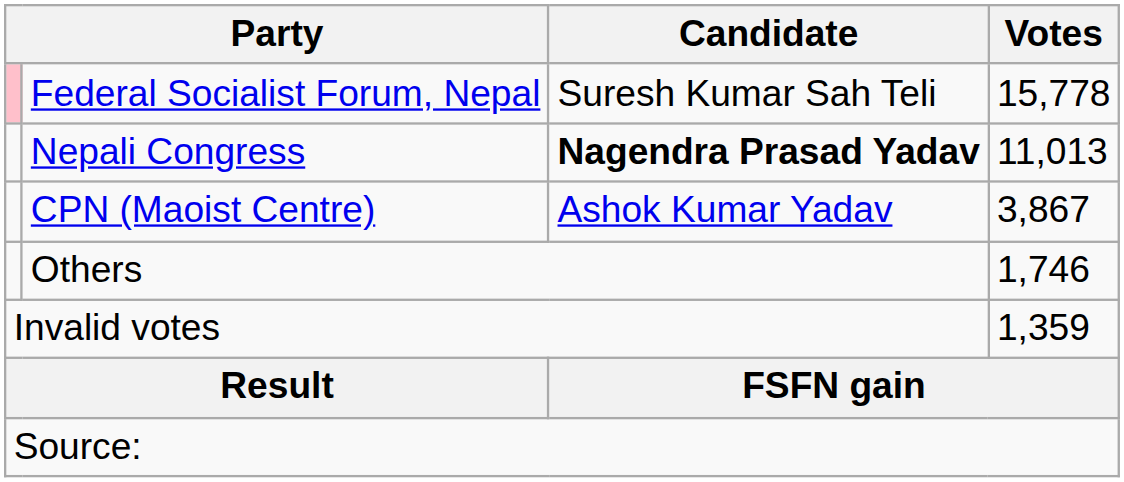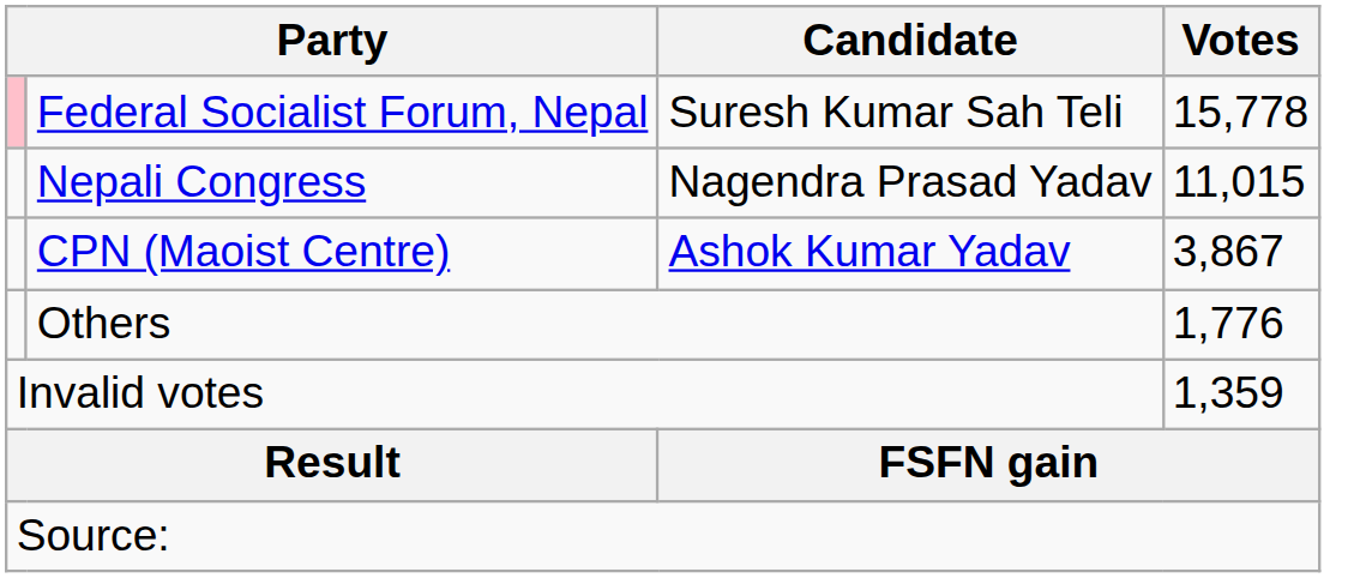 <table class="wikitable">
 <tr>
 <th colspan="2">Party</th>
 <th>Candidate</th>
 <th>Votes</th>
 </tr>
 <tr>
 <td style="background-color:pink"></td>
 <td><a href='#'>Federal Socialist Forum, Nepal</a></td>
 <td>Suresh Kumar Sah Teli</td>
 <td>15,778</td>
 </tr>
 <tr>
 <td style="background-color:"></td>
 <td><a href='#'>Nepali Congress</a></td>
-<td><strong>Nagendra Prasad Yadav</strong></td>
-<td>11,013</td>
+<td>Nagendra Prasad Yadav</td>
+<td>11,015</td>
 </tr>
 <tr>
 <td style="background-color:"></td>
 <td><a href='#'>CPN (Maoist Centre)</a></td>
 <td><a href='#'>Ashok Kumar Yadav</a></td>
 <td>3,867</td>
 </tr>
 <tr>
 <td></td>
 <td colspan="2">Others</td>
-<td>1,746</td>
+<td>1,776</td>
 </tr>
 <tr>
 <td colspan="3">Invalid votes</td>
 <td>1,359</td>
 </tr>
 <tr>
 <th colspan="2">Result</th>
 <th colspan="2">FSFN gain</th>
 </tr>
 <tr>
 <td colspan="4">Source: </td>
 </tr>
 </table>
